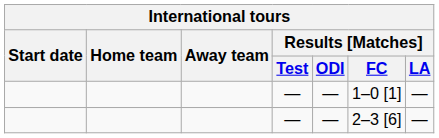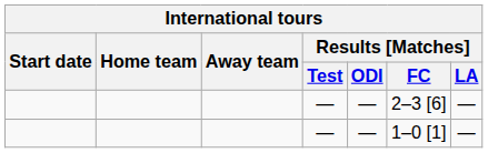 <table class="wikitable">
 <tr>
 <th colspan="7">International tours</th>
 </tr>
 <tr>
 <th rowspan="2">Start date</th>
 <th rowspan="2">Home team</th>
 <th rowspan="2">Away team</th>
 <th colspan="4">Results [Matches]</th>
 </tr>
 <tr>
 <th><a href='#'>Test</a></th>
 <th><a href='#'>ODI</a></th>
 <th><a href='#'>FC</a></th>
 <th><a href='#'>LA</a></th>
 </tr>
 <tr>
 <td><a href='#'></a></td>
 <td></td>
 <td></td>
 <td ; style="text-align:center">—</td>
 <td ; style="text-align:center">—</td>
-<td>1–0 [1]</td>
+<td>2–3 [6]</td>
 <td ; style="text-align:center">—</td>
 </tr>
 <tr>
 <td><a href='#'></a></td>
 <td></td>
 <td></td>
 <td ; style="text-align:center">—</td>
 <td ; style="text-align:center">—</td>
-<td>2–3 [6]</td>
+<td>1–0 [1]</td>
 <td ; style="text-align:center">—</td>
 </tr>
 </table>
